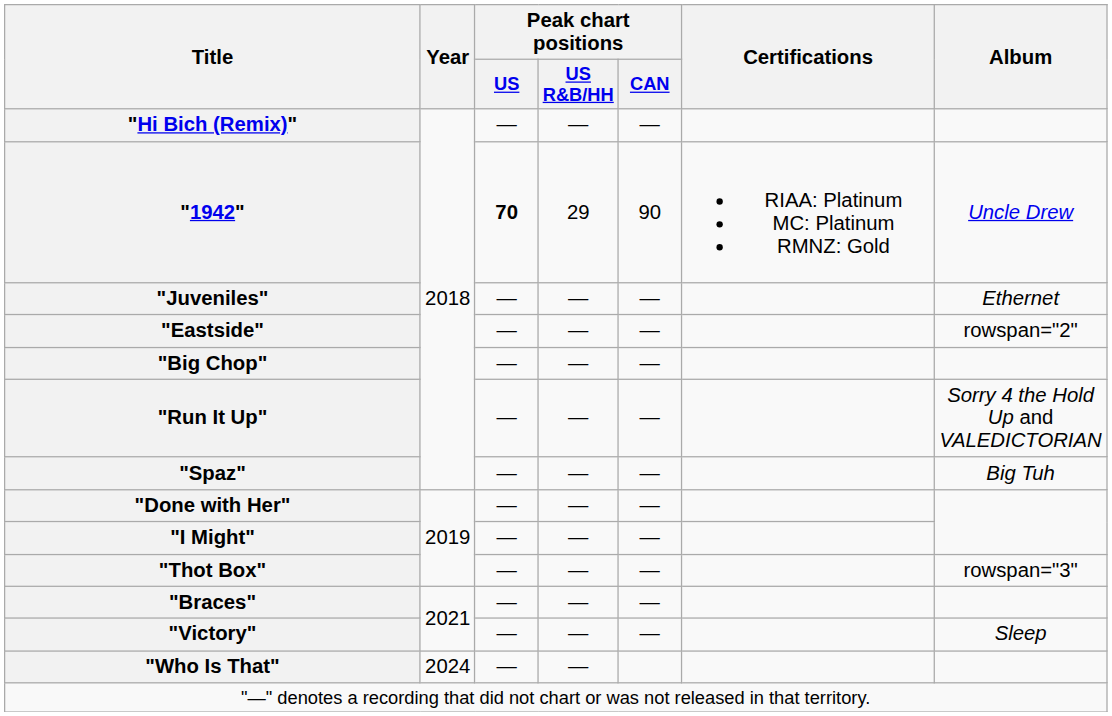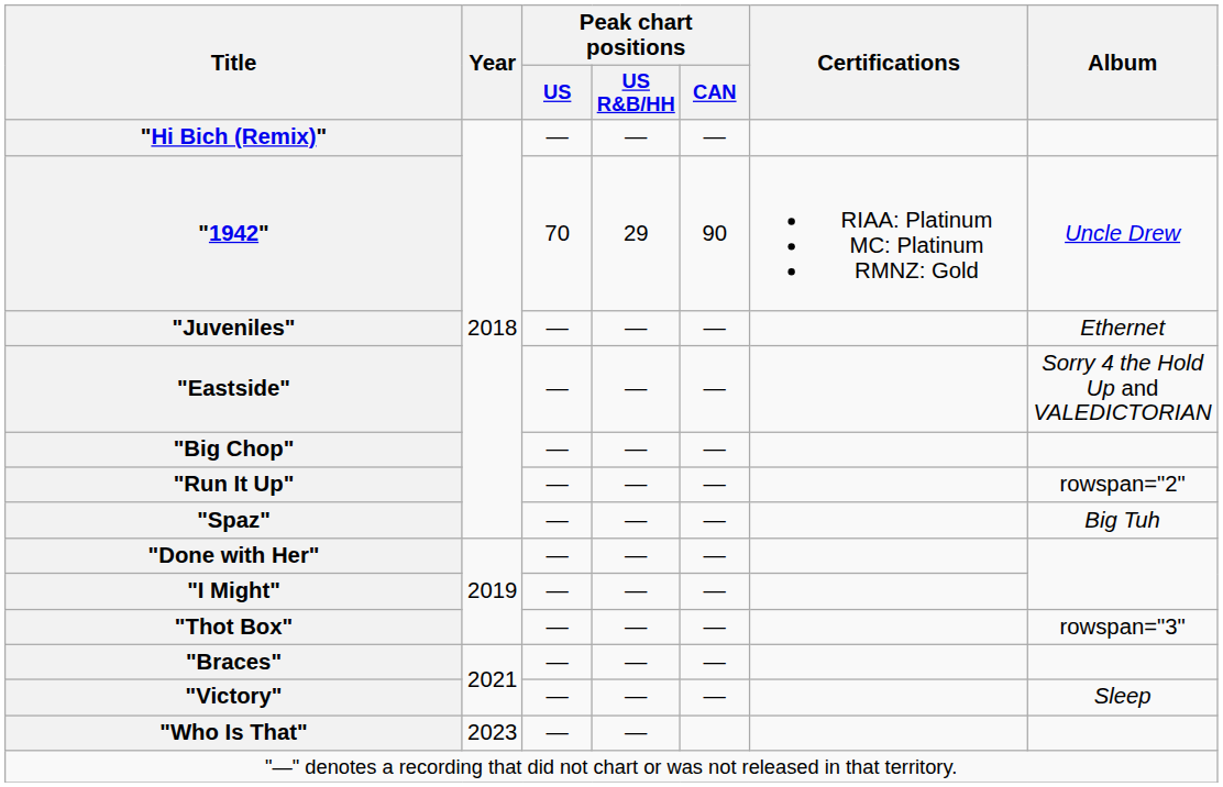 <table class="wikitable plainrowheaders" style="text-align:center;">
 <tr>
 <th scope="col" rowspan="2" style="width:20em;">Title</th>
 <th scope="col" rowspan="2" style="width:1em;">Year</th>
 <th scope="col" colspan="3">Peak chart positions</th>
 <th scope="col" rowspan="2" style="width:12em;">Certifications</th>
 <th scope="col" rowspan="2" style="width:8em;">Album</th>
 </tr>
 <tr>
 <th scope="col" style="width:3em;font-size:90%;"><a href='#'>US</a><br></th>
 <th scope="col" style="width:3em;font-size:90%;"><a href='#'>US<br>R&B/HH</a><br></th>
 <th scope="col" style="width:3em;font-size:90%;"><a href='#'>CAN</a><br></th>
 </tr>
 <tr>
 <th scope="row">"<a href='#'>Hi Bich (Remix)</a>"<br></th>
 <td rowspan="7">2018</td>
 <td>—</td>
 <td>—</td>
 <td>—</td>
 <td></td>
 <td></td>
 </tr>
 <tr>
 <th scope="row">"<a href='#'>1942</a>"<br></th>
-<td><strong>70</strong></td>
+<td>70</td>
 <td>29</td>
 <td>90</td>
 <td><br><ul><li>RIAA: Platinum</li><li>MC: Platinum</li><li>RMNZ: Gold</li></ul></td>
 <td><em><a href='#'>Uncle Drew</a></em></td>
 </tr>
 <tr>
 <th scope="row">"Juveniles"<br></th>
 <td>—</td>
 <td>—</td>
 <td>—</td>
 <td></td>
 <td><em>Ethernet</em></td>
 </tr>
 <tr>
 <th scope="row">"Eastside"<br></th>
 <td>—</td>
 <td>—</td>
 <td>—</td>
 <td></td>
-<td>rowspan="2" </td>
+<td><em>Sorry 4 the Hold Up</em> and <em>VALEDICTORIAN</em></td>
 </tr>
 <tr>
 <th scope="row">"Big Chop"<br></th>
 <td>—</td>
 <td>—</td>
 <td>—</td>
 <td></td>
 </tr>
 <tr>
 <th scope="row">"Run It Up"<br></th>
 <td>—</td>
 <td>—</td>
 <td>—</td>
 <td></td>
-<td><em>Sorry 4 the Hold Up</em> and <em>VALEDICTORIAN</em></td>
+<td>rowspan="2" </td>
 </tr>
 <tr>
 <th scope="row">"Spaz"<br></th>
 <td>—</td>
 <td>—</td>
 <td>—</td>
 <td></td>
 <td><em>Big Tuh</em></td>
 </tr>
 <tr>
 <th scope="row">"Done with Her"<br></th>
 <td rowspan="3">2019</td>
 <td>—</td>
 <td>—</td>
 <td>—</td>
 <td></td>
 </tr>
 <tr>
 <th scope="row">"I Might"<br></th>
 <td>—</td>
 <td>—</td>
 <td>—</td>
 <td></td>
 </tr>
 <tr>
 <th scope="row">"Thot Box"<br></th>
 <td>—</td>
 <td>—</td>
 <td>—</td>
 <td></td>
 <td>rowspan="3" </td>
 </tr>
 <tr>
 <th scope="row">"Braces"<br></th>
 <td rowspan="2">2021</td>
 <td>—</td>
 <td>—</td>
 <td>—</td>
 <td></td>
 <td></td>
 </tr>
 <tr>
 <th scope="row">"Victory"<br></th>
 <td>—</td>
 <td>—</td>
 <td>—</td>
 <td></td>
 <td><em>Sleep</em></td>
 </tr>
 <tr>
 <th scope="row">"Who Is That"<br></th>
-<td>2024</td>
+<td>2023</td>
 <td>—</td>
 <td>—</td>
 <td></td>
 <td></td>
 <td></td>
 </tr>
 <tr>
 <td colspan="8" style="font-size:90%">"—" denotes a recording that did not chart or was not released in that territory.</td>
 </tr>
 </table>
